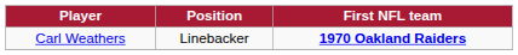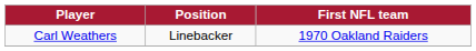 <table class="wikitable" width="65%">
 <tr>
 <th style="background:#A81933;color:#FFFFFF;">Player</th>
 <th style="background:#A81933;color:#FFFFFF;">Position</th>
 <th style="background:#A81933;color:#FFFFFF;">First NFL team</th>
 </tr>
 <tr align="center" bgcolor="">
 <td><a href='#'>Carl Weathers</a></td>
 <td>Linebacker</td>
-<td><strong><a href='#'>1970 Oakland Raiders</a></strong></td>
+<td><a href='#'>1970 Oakland Raiders</a></td>
 </tr>
 <tr align="center" bgcolor="">
 </tr>
 </table>
